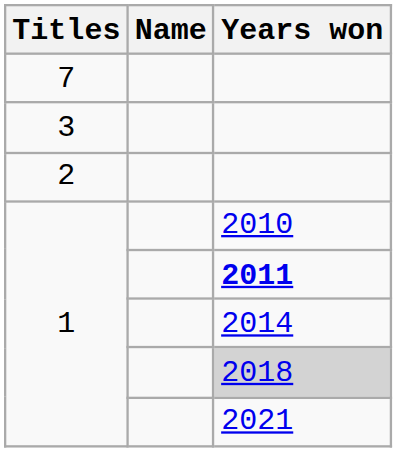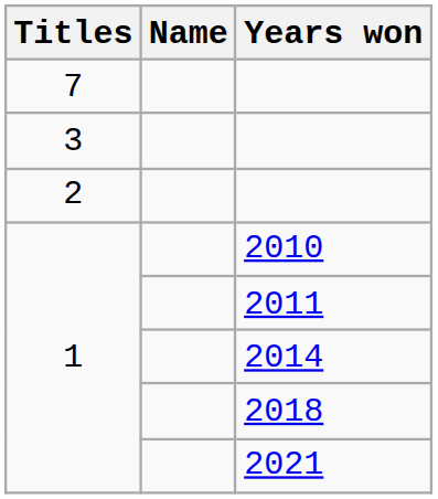 <table class="wikitable style="font-size:100%; text-align: left; width:70%">
 <tr>
 <th>Titles</th>
 <th>Name</th>
 <th>Years won</th>
 </tr>
 <tr>
 <td align=center>7</td>
 <td></td>
 <td></td>
 </tr>
 <tr>
 <td align=center>3</td>
 <td></td>
 <td></td>
 </tr>
 <tr>
 <td align=center>2</td>
 <td></td>
 <td></td>
 </tr>
 <tr>
 <td rowspan=5 align=center>1</td>
 <td></td>
 <td><a href='#'>2010</a></td>
 </tr>
 <tr>
 <td></td>
-<td><strong><a href='#'>2011</a></strong></td>
+<td><a href='#'>2011</a></td>
 </tr>
 <tr>
 <td></td>
 <td><a href='#'>2014</a></td>
 </tr>
 <tr>
 <td></td>
-<td style="background: lightgrey;"><a href='#'>2018</a></td>
+<td><a href='#'>2018</a></td>
 </tr>
 <tr>
 <td></td>
 <td><a href='#'>2021</a></td>
 </tr>
 </table>
